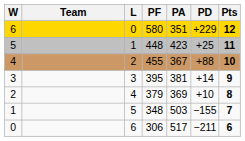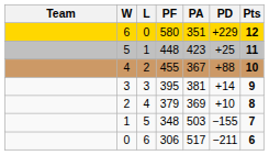 <table class="wikitable" style="text-align:center;">
 <tr>
+<th width=150>Team</th>
 <th width=20>W</th>
-<th width=150>Team</th>
 <th width=20>L</th>
 <th width=30>PF</th>
 <th width=30>PA</th>
 <th width=30>PD</th>
 <th width=20>Pts</th>
 </tr>
 <tr bgcolor="gold">
+<td align="left"></td>
 <td>6</td>
-<td align="left"></td>
 <td>0</td>
 <td>580</td>
 <td>351</td>
 <td>+229</td>
 <td><strong>12</strong></td>
 </tr>
 <tr bgcolor="silver">
+<td align="left"></td>
 <td>5</td>
-<td align="left"></td>
 <td>1</td>
 <td>448</td>
 <td>423</td>
 <td>+25</td>
 <td><strong>11</strong></td>
 </tr>
 <tr bgcolor="#cc9966">
+<td align="left"></td>
 <td>4</td>
-<td align="left"></td>
 <td>2</td>
 <td>455</td>
 <td>367</td>
 <td>+88</td>
 <td><strong>10</strong></td>
 </tr>
 <tr>
+<td align="left"></td>
 <td>3</td>
-<td align="left"></td>
 <td>3</td>
 <td>395</td>
 <td>381</td>
 <td>+14</td>
 <td><strong>9</strong></td>
 </tr>
 <tr>
+<td align="left"></td>
 <td>2</td>
-<td align="left"></td>
 <td>4</td>
 <td>379</td>
 <td>369</td>
 <td>+10</td>
 <td><strong>8</strong></td>
 </tr>
 <tr>
+<td align="left"></td>
 <td>1</td>
-<td align="left"></td>
 <td>5</td>
 <td>348</td>
 <td>503</td>
 <td>−155</td>
 <td><strong>7</strong></td>
 </tr>
 <tr>
+<td align="left"></td>
 <td>0</td>
-<td align="left"></td>
 <td>6</td>
 <td>306</td>
 <td>517</td>
 <td>−211</td>
 <td><strong>6</strong></td>
 </tr>
 </table>
